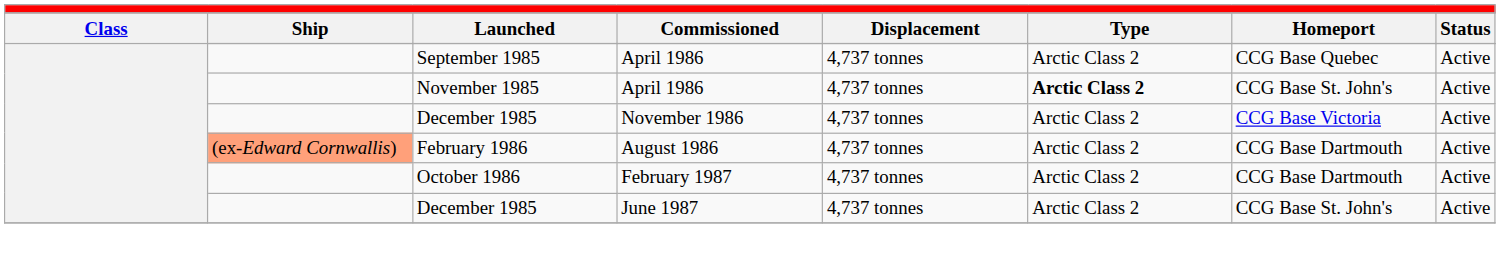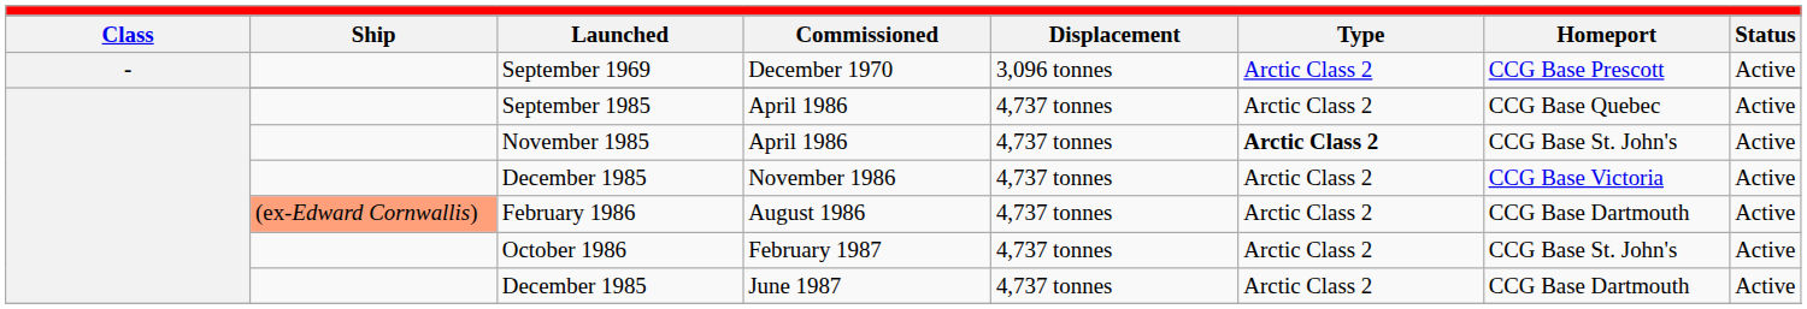 <table class="wikitable" style="margin:auto; width:100%;">
 <tr>
 <th style="align: center; background: #FF0000;" colspan="8"><strong></strong></th>
 </tr>
 <tr>
 </tr>
 <tr>
 <th style="text-align:center; width:14%;"><a href='#'>Class</a></th>
 <th style="text-align:center; width:14%;">Ship</th>
 <th style="text-align:center; width:14%;">Launched</th>
 <th style="text-align:center; width:14%;">Commissioned</th>
 <th style="text-align:center; width:14%;">Displacement</th>
 <th style="text-align:center; width:14%;">Type</th>
 <th style="text-align:center; width:14%;">Homeport</th>
 <th style="text-align:center; width:2%;">Status</th>
+</tr>
+<tr>
+<th rowspan="1">-</th>
+<td></td>
+<td>September 1969</td>
+<td>December 1970</td>
+<td>3,096 tonnes</td>
+<td><a href='#'>Arctic Class 2</a></td>
+<td><a href='#'> CCG Base Prescott</a></td>
+<td>Active</td>
 </tr>
 <tr>
 <th rowspan="7"></th>
 </tr>
 <tr>
 <td></td>
 <td>September 1985</td>
 <td>April 1986</td>
 <td>4,737 tonnes</td>
 <td>Arctic Class 2</td>
 <td>CCG Base Quebec</td>
 <td>Active</td>
 </tr>
 <tr>
 <td></td>
 <td>November 1985</td>
 <td>April 1986</td>
 <td>4,737 tonnes</td>
 <td><strong>Arctic Class 2</strong></td>
 <td>CCG Base St. John's</td>
 <td>Active</td>
 </tr>
 <tr>
 <td></td>
 <td>December 1985</td>
 <td>November 1986</td>
 <td>4,737 tonnes</td>
 <td>Arctic Class 2</td>
 <td><a href='#'> CCG Base Victoria</a></td>
 <td>Active</td>
 </tr>
 <tr>
 <td style="background: lightsalmon;"> (ex-<em>Edward Cornwallis</em>)</td>
 <td>February 1986</td>
 <td>August 1986</td>
 <td>4,737 tonnes</td>
 <td>Arctic Class 2</td>
 <td>CCG Base Dartmouth</td>
 <td>Active</td>
 </tr>
 <tr>
 <td></td>
 <td>October 1986</td>
 <td>February 1987</td>
 <td>4,737 tonnes</td>
 <td>Arctic Class 2</td>
-<td>CCG Base Dartmouth</td>
+<td>CCG Base St. John's</td>
 <td>Active</td>
 </tr>
 <tr>
 <td></td>
 <td>December 1985</td>
 <td>June 1987</td>
 <td>4,737 tonnes</td>
 <td>Arctic Class 2</td>
-<td>CCG Base St. John's</td>
+<td>CCG Base Dartmouth</td>
 <td>Active</td>
 </tr>
 <tr>
 </tr>
 </table>
